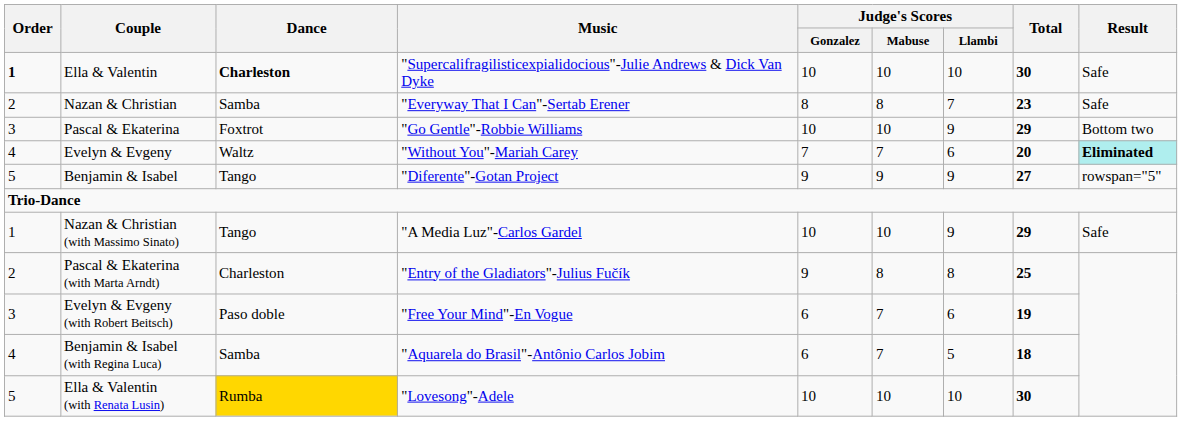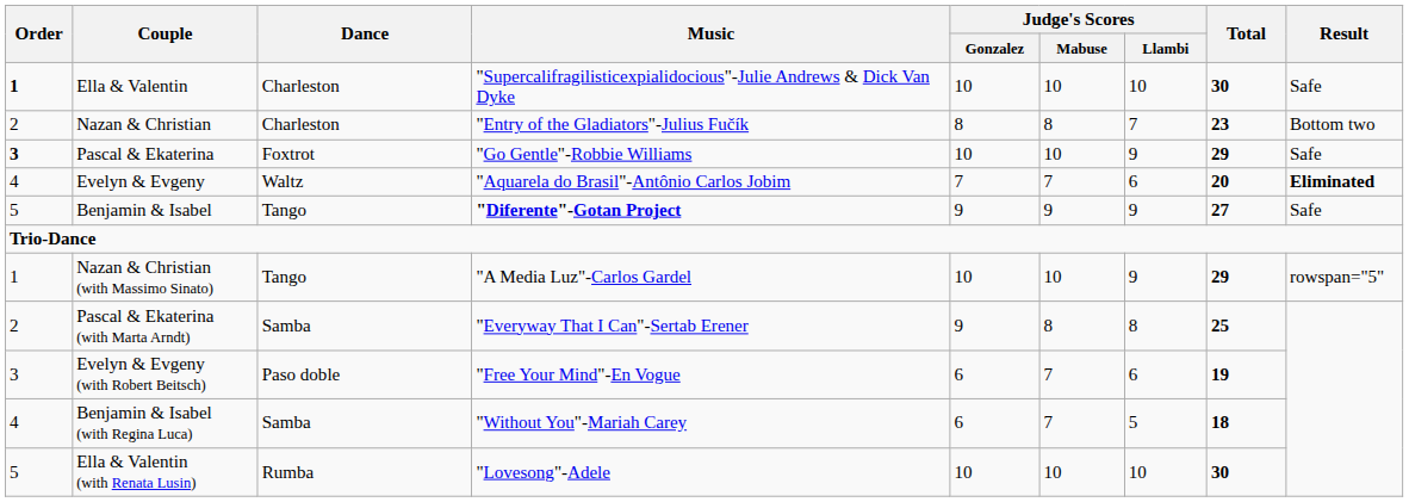 <table class="wikitable sortable center">
 <tr>
 <th rowspan="2" style="width: 4em">Order</th>
 <th rowspan="2" style="width: 17em">Couple</th>
 <th rowspan="2" style="width: 20em">Dance</th>
 <th rowspan="2" style="width: 40em">Music</th>
 <th colspan="3">Judge's Scores</th>
 <th rowspan="2" style="width: 6em">Total</th>
 <th rowspan="2" style="width: 7em">Result</th>
 </tr>
 <tr>
 <th style="width: 6em"><small>Gonzalez</small></th>
 <th style="width: 6em"><small>Mabuse</small></th>
 <th style="width: 6em"><small>Llambi</small></th>
 </tr>
 <tr>
 <td><strong>1</strong></td>
 <td>Ella & Valentin</td>
-<td><strong>Charleston</strong></td>
+<td>Charleston</td>
 <td>"<a href='#'>Supercalifragilisticexpialidocious</a>"-<a href='#'>Julie Andrews</a> & <a href='#'>Dick Van Dyke</a></td>
 <td>10</td>
 <td>10</td>
 <td>10</td>
 <td><strong>30</strong></td>
 <td>Safe</td>
 </tr>
 <tr>
 <td>2</td>
 <td>Nazan & Christian</td>
-<td>Samba</td>
-<td>"<a href='#'>Everyway That I Can</a>"-<a href='#'>Sertab Erener</a></td>
+<td>Charleston</td>
+<td>"<a href='#'>Entry of the Gladiators</a>"-<a href='#'>Julius Fučík</a></td>
 <td>8</td>
 <td>8</td>
 <td>7</td>
 <td><strong>23</strong></td>
-<td>Safe</td>
+<td>Bottom two</td>
 </tr>
 <tr>
-<td>3</td>
+<td><strong>3</strong></td>
 <td>Pascal & Ekaterina</td>
 <td>Foxtrot</td>
 <td>"<a href='#'>Go Gentle</a>"-<a href='#'>Robbie Williams</a></td>
 <td>10</td>
 <td>10</td>
 <td>9</td>
 <td><strong>29</strong></td>
-<td>Bottom two</td>
+<td>Safe</td>
 </tr>
 <tr>
 <td>4</td>
 <td>Evelyn & Evgeny</td>
 <td>Waltz</td>
-<td>"<a href='#'>Without You</a>"-<a href='#'>Mariah Carey</a></td>
+<td>"<a href='#'>Aquarela do Brasil</a>"-<a href='#'>Antônio Carlos Jobim</a></td>
 <td>7</td>
 <td>7</td>
 <td>6</td>
 <td><strong>20</strong></td>
-<td style="background: paleturquoise;"><strong>Eliminated</strong></td>
+<td><strong>Eliminated</strong></td>
 </tr>
 <tr>
 <td>5</td>
 <td>Benjamin & Isabel</td>
 <td>Tango</td>
-<td>"<a href='#'>Diferente</a>"-<a href='#'>Gotan Project</a></td>
+<td><strong>"<a href='#'>Diferente</a>"-<a href='#'>Gotan Project</a></strong></td>
 <td>9</td>
 <td>9</td>
 <td>9</td>
 <td><strong>27</strong></td>
-<td>rowspan="5" </td>
+<td>Safe</td>
 </tr>
 <tr>
 <td colspan="9"><strong>Trio-Dance</strong></td>
 </tr>
 <tr>
 <td>1</td>
 <td>Nazan & Christian<br><small>(with Massimo Sinato)</small></td>
 <td>Tango</td>
 <td>"A Media Luz"-<a href='#'>Carlos Gardel</a></td>
 <td>10</td>
 <td>10</td>
 <td>9</td>
 <td><strong>29</strong></td>
-<td>Safe</td>
+<td>rowspan="5" </td>
 </tr>
 <tr>
 <td>2</td>
 <td>Pascal & Ekaterina<br><small>(with Marta Arndt)</small></td>
-<td>Charleston</td>
-<td>"<a href='#'>Entry of the Gladiators</a>"-<a href='#'>Julius Fučík</a></td>
+<td>Samba</td>
+<td>"<a href='#'>Everyway That I Can</a>"-<a href='#'>Sertab Erener</a></td>
 <td>9</td>
 <td>8</td>
 <td>8</td>
 <td><strong>25</strong></td>
 </tr>
 <tr>
 <td>3</td>
 <td>Evelyn & Evgeny<br><small>(with Robert Beitsch)</small></td>
 <td>Paso doble</td>
 <td>"<a href='#'>Free Your Mind</a>"-<a href='#'>En Vogue</a></td>
 <td>6</td>
 <td>7</td>
 <td>6</td>
 <td><strong>19</strong></td>
 </tr>
 <tr>
 <td>4</td>
 <td>Benjamin & Isabel<br><small>(with Regina Luca)</small></td>
 <td>Samba</td>
-<td>"<a href='#'>Aquarela do Brasil</a>"-<a href='#'>Antônio Carlos Jobim</a></td>
+<td>"<a href='#'>Without You</a>"-<a href='#'>Mariah Carey</a></td>
 <td>6</td>
 <td>7</td>
 <td>5</td>
 <td><strong>18</strong></td>
 </tr>
 <tr>
 <td>5</td>
 <td>Ella & Valentin<br><small>(with <a href='#'>Renata Lusin</a>)</small></td>
-<td style="background: gold;">Rumba</td>
+<td>Rumba</td>
 <td>"<a href='#'>Lovesong</a>"-<a href='#'>Adele</a></td>
 <td>10</td>
 <td>10</td>
 <td>10</td>
 <td><strong>30</strong></td>
 </tr>
 </table>
